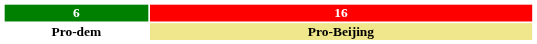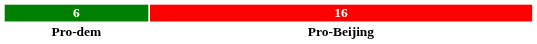 <table style="width:50%; text-align:center;">
 <tr style="color:white;">
 <td style="background:green; width:27.27%;"><strong>6</strong></td>
 <td style="background:red; width:72.73%;"><strong>16</strong></td>
 </tr>
 <tr>
 <td><span><strong>Pro-dem</strong></span></td>
-<td style="background: khaki;"><span><strong>Pro-Beijing</strong></span></td>
+<td><span><strong>Pro-Beijing</strong></span></td>
 </tr>
 </table>
